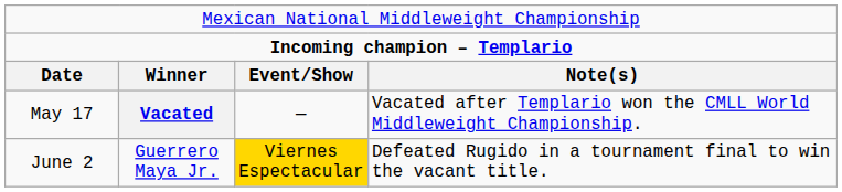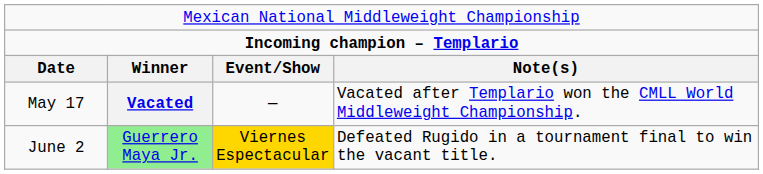 <table class="wikitable" style="text-align:center; width:100%;">
 <tr>
 <td colspan="5" style="text-align: center;"><a href='#'>Mexican National Middleweight Championship</a></td>
 </tr>
 <tr>
 <td colspan="5" style="text-align: center;"><strong>Incoming champion – <a href='#'>Templario</a></strong></td>
 </tr>
 <tr>
 <th width=14%>Date</th>
 <th width=14%>Winner</th>
 <th width=14%>Event/Show</th>
 <th width=58%>Note(s)</th>
 </tr>
 <tr>
 <td>May 17</td>
 <th><a href='#'>Vacated</a></th>
 <td>—</td>
 <td align=left>Vacated after <a href='#'>Templario</a> won the <a href='#'>CMLL World Middleweight Championship</a>.</td>
 </tr>
 <tr>
 <td>June 2</td>
-<td><a href='#'>Guerrero Maya Jr.</a></td>
+<td style="background: lightgreen;"><a href='#'>Guerrero Maya Jr.</a></td>
 <td style="background: gold;">Viernes Espectacular</td>
 <td align=left>Defeated Rugido in a tournament final to win the vacant title.</td>
 </tr>
 </table>
